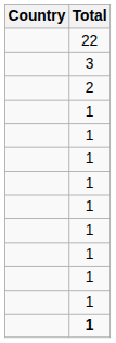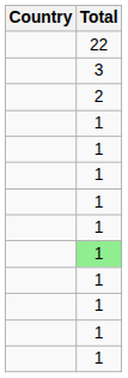 <table class="wikitable sortable">
 <tr>
 <th align="left" valign="center">Country</th>
 <th align="left" valign="center">Total</th>
 </tr>
 <tr>
 <td></td>
 <td align="center">22</td>
 </tr>
 <tr>
 <td></td>
 <td align="center">3</td>
 </tr>
 <tr>
 <td></td>
 <td align="center">2</td>
 </tr>
 <tr>
 <td></td>
 <td align="center">1</td>
 </tr>
 <tr>
 <td></td>
 <td align="center">1</td>
 </tr>
 <tr>
 <td></td>
 <td align="center">1</td>
 </tr>
 <tr>
 <td></td>
 <td align="center">1</td>
 </tr>
 <tr>
 <td></td>
 <td align="center">1</td>
 </tr>
 <tr>
 <td></td>
-<td align="center">1</td>
+<td align="center" style="background: lightgreen;">1</td>
 </tr>
 <tr>
 <td></td>
 <td align="center">1</td>
 </tr>
 <tr>
 <td></td>
 <td align="center">1</td>
 </tr>
 <tr>
 <td></td>
 <td align="center">1</td>
 </tr>
 <tr>
 <td></td>
-<td align="center"><strong>1</strong></td>
+<td align="center">1</td>
 </tr>
 </table>
